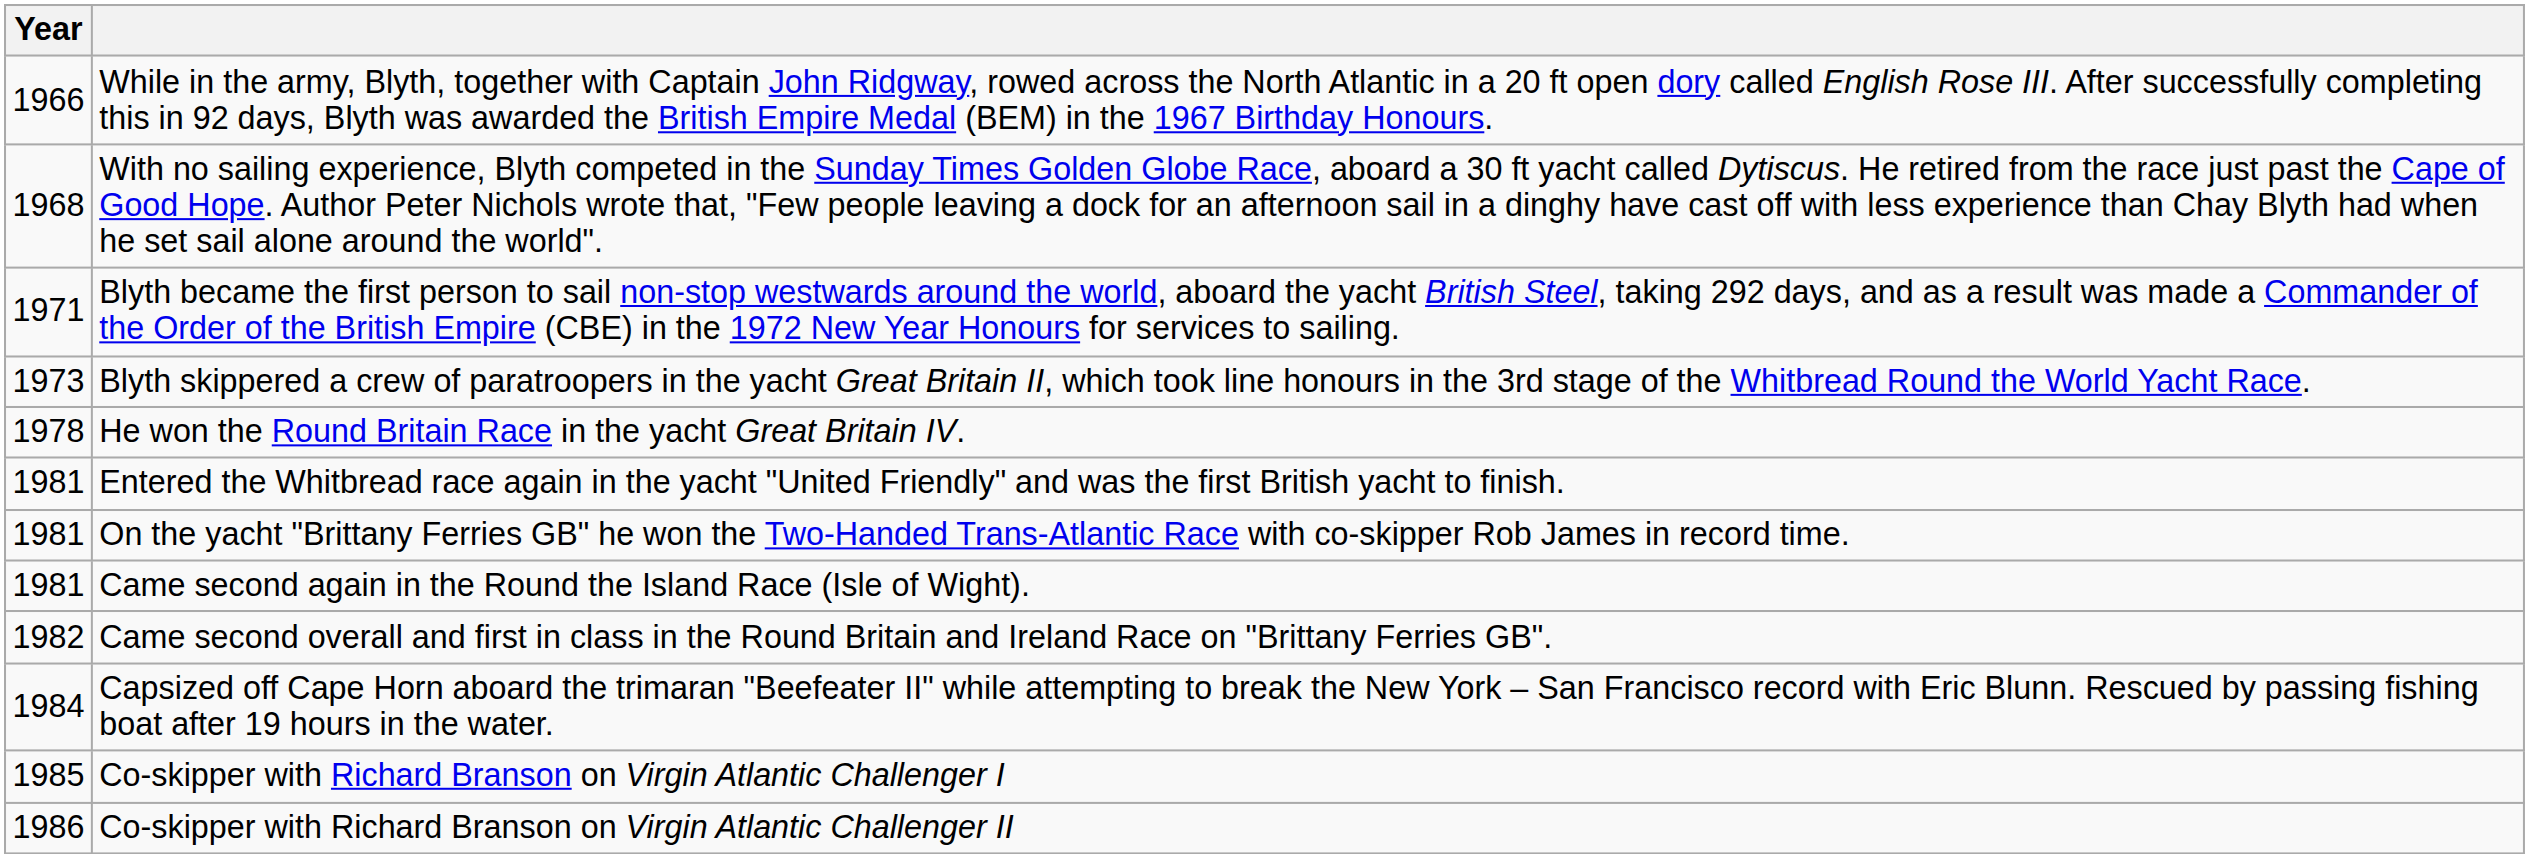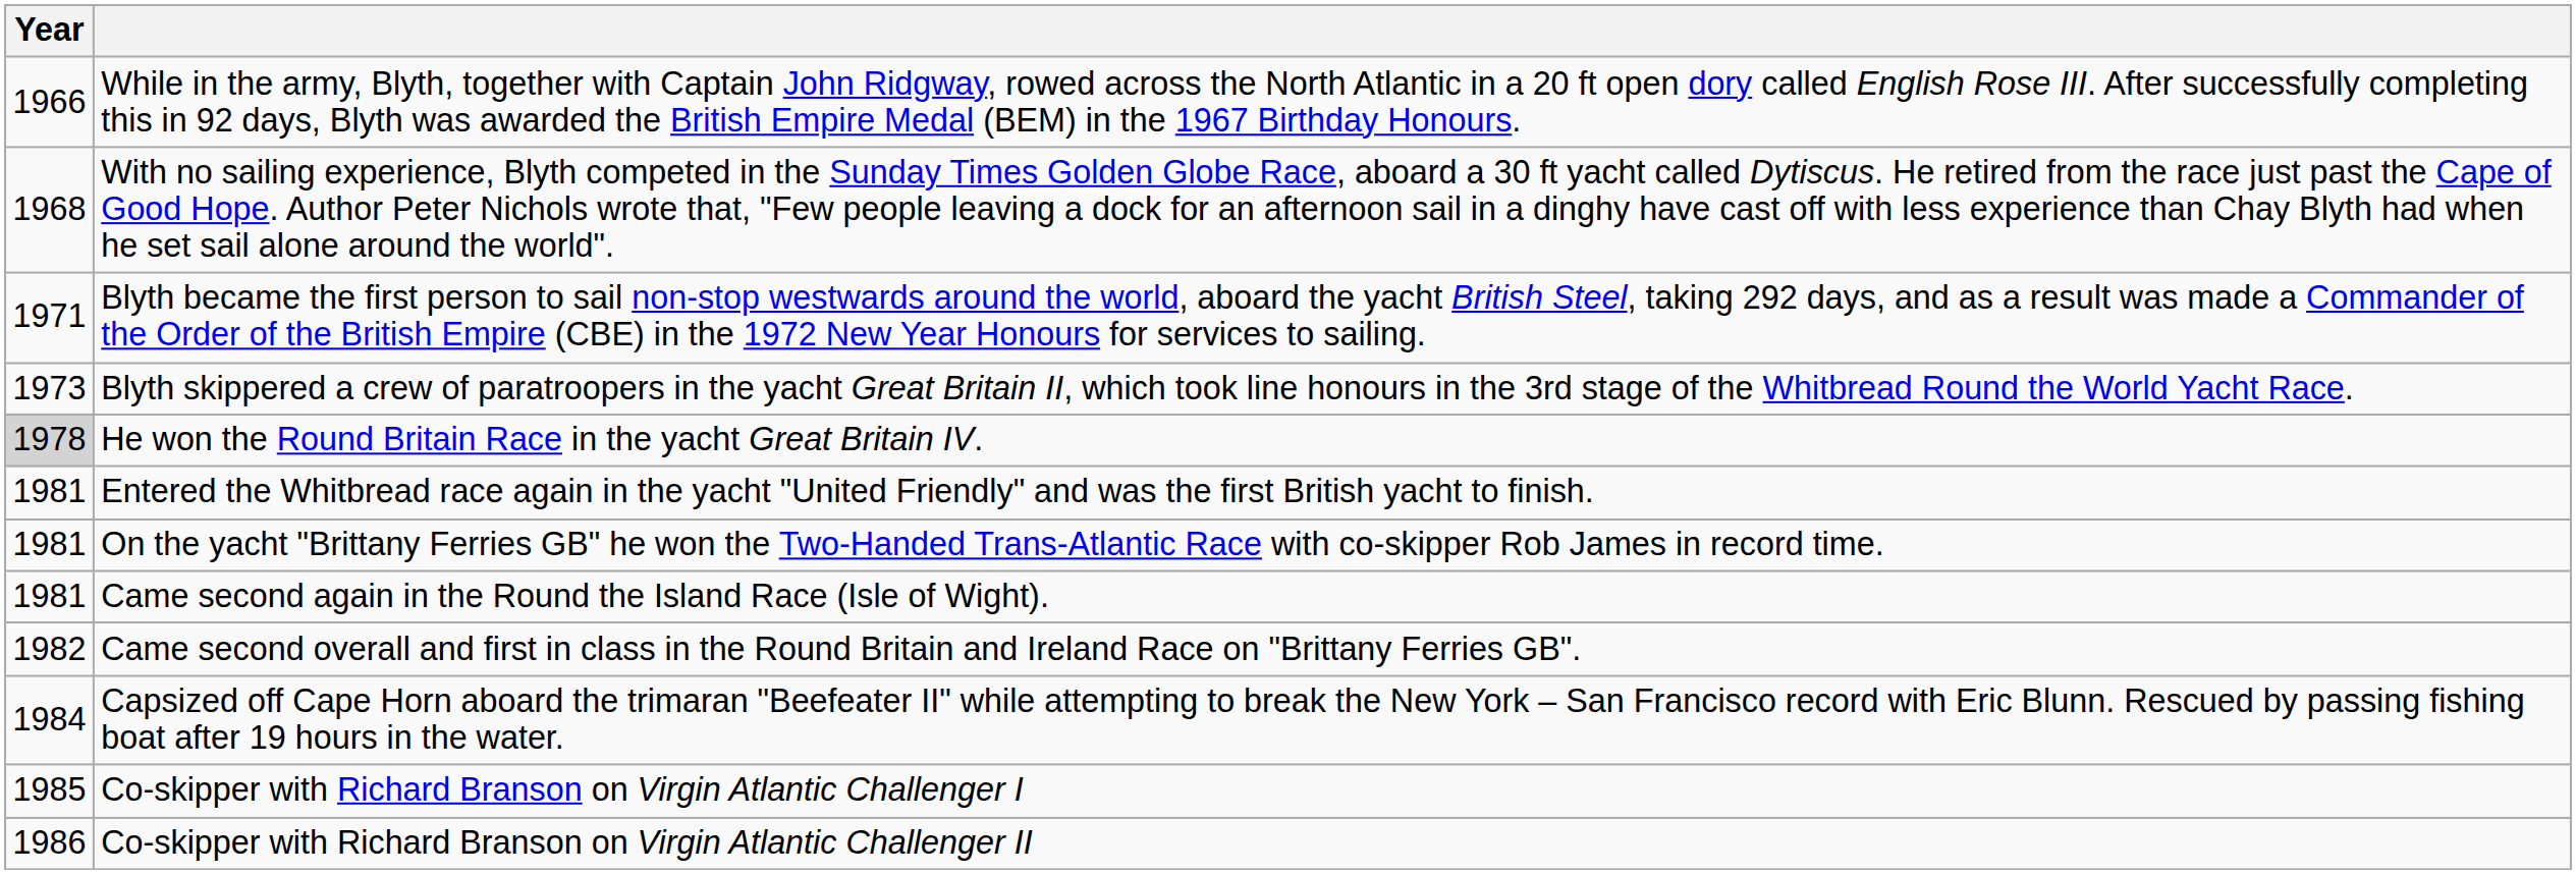 <table class="wikitable">
 <tr>
 <th>Year</th>
 <th></th>
 </tr>
 <tr>
 <td>1966</td>
 <td>While in the army, Blyth, together with Captain <a href='#'>John Ridgway</a>, rowed across the North Atlantic in a 20 ft open <a href='#'>dory</a> called <em>English Rose III</em>. After successfully completing this in 92 days, Blyth was awarded the <a href='#'>British Empire Medal</a> (BEM) in the <a href='#'>1967 Birthday Honours</a>.</td>
 </tr>
 <tr>
 <td>1968</td>
 <td>With no sailing experience, Blyth competed in the <a href='#'>Sunday Times Golden Globe Race</a>, aboard a 30 ft yacht called <em>Dytiscus</em>. He retired from the race just past the <a href='#'>Cape of Good Hope</a>. Author Peter Nichols wrote that, "Few people leaving a dock for an afternoon sail in a dinghy have cast off with less experience than Chay Blyth had when he set sail alone around the world".</td>
 </tr>
 <tr>
 <td>1971</td>
 <td>Blyth became the first person to sail <a href='#'>non-stop westwards around the world</a>, aboard the yacht <em><a href='#'>British Steel</a></em>, taking 292 days, and as a result was made a <a href='#'>Commander of the Order of the British Empire</a> (CBE) in the <a href='#'>1972 New Year Honours</a> for services to sailing.</td>
 </tr>
 <tr>
 <td>1973</td>
 <td>Blyth skippered a crew of paratroopers in the yacht <em>Great Britain II</em>, which took line honours in the 3rd stage of the <a href='#'>Whitbread Round the World Yacht Race</a>.</td>
 </tr>
 <tr>
-<td>1978</td>
+<td style="background: lightgrey;">1978</td>
 <td>He won the <a href='#'>Round Britain Race</a> in the yacht <em>Great Britain IV</em>.</td>
 </tr>
 <tr>
 <td>1981</td>
 <td>Entered the Whitbread race again in the yacht "United Friendly" and was the first British yacht to finish.</td>
 </tr>
 <tr>
 <td>1981</td>
 <td>On the yacht "Brittany Ferries GB" he won the <a href='#'>Two-Handed Trans-Atlantic Race</a> with co-skipper Rob James in record time.</td>
 </tr>
 <tr>
 <td>1981</td>
 <td>Came second again in the Round the Island Race (Isle of Wight).</td>
 </tr>
 <tr>
 <td>1982</td>
 <td>Came second overall and first in class in the Round Britain and Ireland Race on "Brittany Ferries GB".</td>
 </tr>
 <tr>
 <td>1984</td>
 <td>Capsized off Cape Horn aboard the trimaran "Beefeater II" while attempting to break the New York – San Francisco record with Eric Blunn. Rescued by passing fishing boat after 19 hours in the water.</td>
 </tr>
 <tr>
 <td>1985</td>
 <td>Co-skipper with <a href='#'>Richard Branson</a> on <em>Virgin Atlantic Challenger I</em></td>
 </tr>
 <tr>
 <td>1986</td>
 <td>Co-skipper with Richard Branson on <em>Virgin Atlantic Challenger II</em></td>
 </tr>
 </table>
